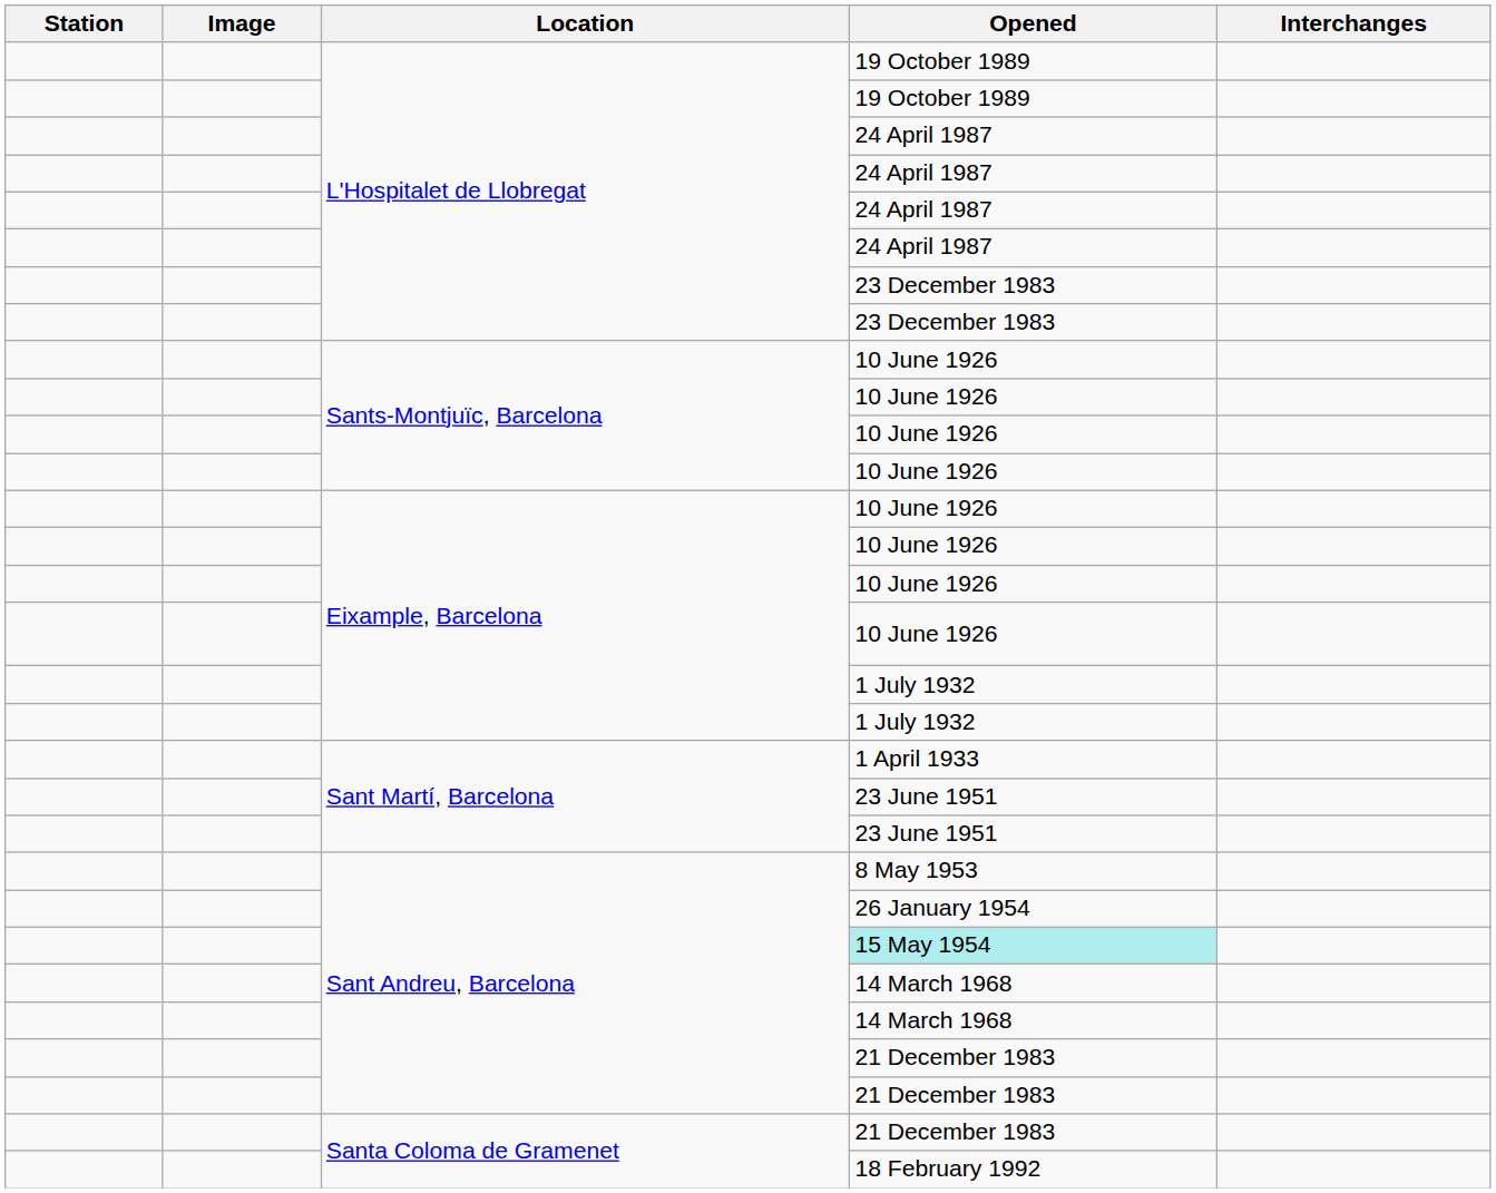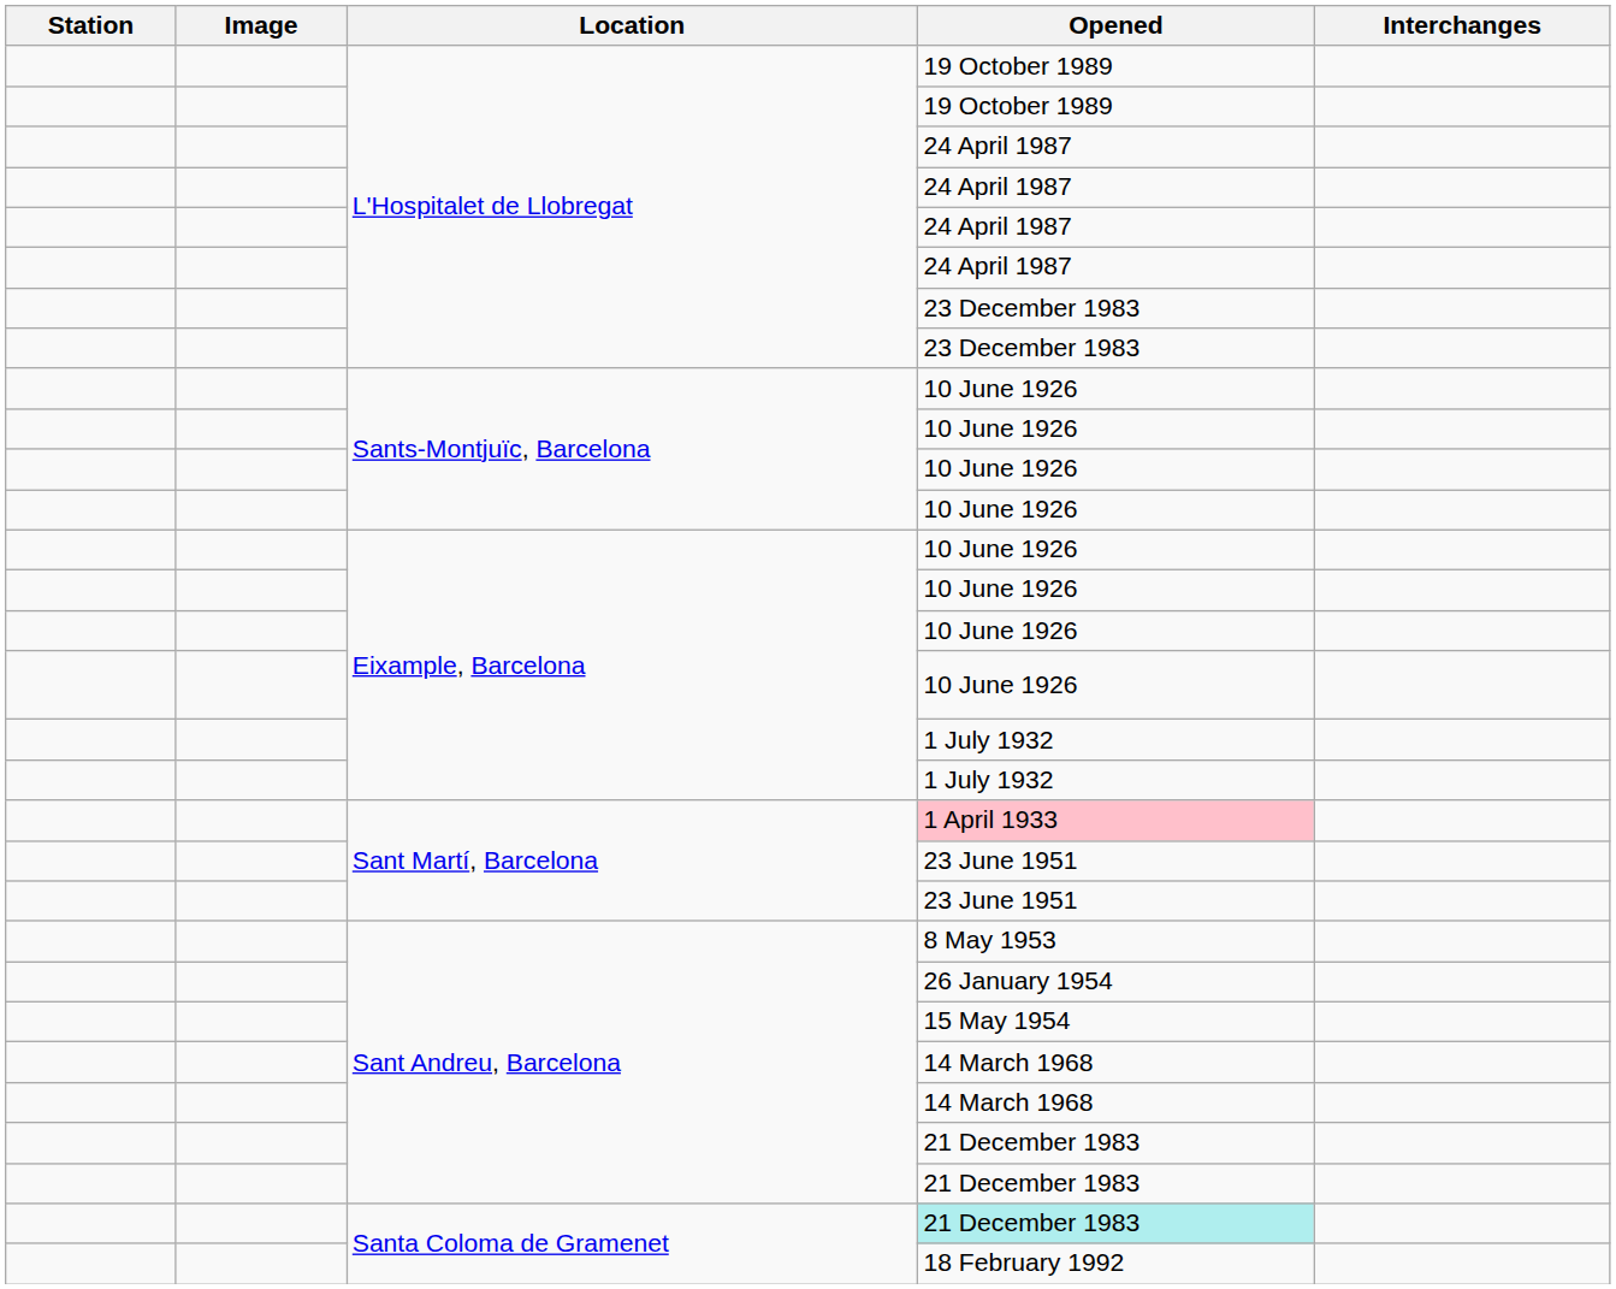 <table class="wikitable sortable" style="width:80%">
 <tr>
 <th>Station</th>
 <th style="width:100px" class="unsortable">Image</th>
 <th>Location</th>
 <th data-sort-type="date">Opened</th>
 <th class="unsortable">Interchanges</th>
 </tr>
 <tr>
 <td><strong></strong></td>
 <td></td>
 <td rowspan=8><a href='#'>L'Hospitalet de Llobregat</a></td>
 <td>19 October 1989</td>
 <td></td>
 </tr>
 <tr>
 <td><strong></strong></td>
 <td></td>
 <td>19 October 1989</td>
 <td></td>
 </tr>
 <tr>
 <td><strong></strong></td>
 <td></td>
 <td>24 April 1987</td>
 <td>   </td>
 </tr>
 <tr>
 <td><strong></strong></td>
 <td></td>
 <td>24 April 1987</td>
 <td>    </td>
 </tr>
 <tr>
 <td><strong></strong></td>
 <td></td>
 <td>24 April 1987</td>
 <td></td>
 </tr>
 <tr>
 <td><strong></strong></td>
 <td></td>
 <td>24 April 1987</td>
 <td></td>
 </tr>
 <tr>
 <td><strong></strong></td>
 <td></td>
 <td>23 December 1983</td>
 <td>   </td>
 </tr>
 <tr>
 <td><strong></strong></td>
 <td></td>
 <td>23 December 1983</td>
 <td></td>
 </tr>
 <tr>
 <td><strong></strong></td>
 <td></td>
 <td rowspan=4><a href='#'>Sants-Montjuïc</a>, <a href='#'>Barcelona</a></td>
 <td>10 June 1926</td>
 <td></td>
 </tr>
 <tr>
 <td><strong></strong></td>
 <td></td>
 <td>10 June 1926</td>
 <td>  </td>
 </tr>
 <tr>
 <td><strong></strong></td>
 <td></td>
 <td>10 June 1926</td>
 <td></td>
 </tr>
 <tr>
 <td><strong></strong></td>
 <td></td>
 <td>10 June 1926</td>
 <td>  <br>   </td>
 </tr>
 <tr>
 <td><strong></strong></td>
 <td></td>
 <td rowspan=6><a href='#'>Eixample</a>, <a href='#'>Barcelona</a></td>
 <td>10 June 1926</td>
 <td></td>
 </tr>
 <tr>
 <td><strong></strong></td>
 <td></td>
 <td>10 June 1926</td>
 <td></td>
 </tr>
 <tr>
 <td><strong></strong></td>
 <td></td>
 <td>10 June 1926</td>
 <td>  </td>
 </tr>
 <tr>
 <td><strong></strong></td>
 <td></td>
 <td>10 June 1926</td>
 <td>  <br>    <br>   </td>
 </tr>
 <tr>
 <td><strong></strong></td>
 <td></td>
 <td>1 July 1932</td>
 <td>  </td>
 </tr>
 <tr>
 <td><strong></strong></td>
 <td></td>
 <td>1 July 1932</td>
 <td>   </td>
 </tr>
 <tr>
 <td><strong></strong></td>
 <td></td>
 <td rowspan=3><a href='#'>Sant Martí</a>, <a href='#'>Barcelona</a></td>
-<td>1 April 1933</td>
+<td style="background: pink;">1 April 1933</td>
 <td>  </td>
 </tr>
 <tr>
 <td><strong></strong></td>
 <td></td>
 <td>23 June 1951</td>
 <td>   </td>
 </tr>
 <tr>
 <td><strong></strong></td>
 <td></td>
 <td>23 June 1951</td>
 <td>  <br>   </td>
 </tr>
 <tr>
 <td><strong></strong></td>
 <td></td>
 <td rowspan=7><a href='#'>Sant Andreu</a>, <a href='#'>Barcelona</a></td>
 <td>8 May 1953</td>
 <td></td>
 </tr>
 <tr>
 <td><strong></strong></td>
 <td></td>
 <td>26 January 1954</td>
 <td>   <br>  </td>
 </tr>
 <tr>
 <td><strong></strong></td>
 <td></td>
-<td style="background: paleturquoise;">15 May 1954</td>
+<td>15 May 1954</td>
 <td>   </td>
 </tr>
 <tr>
 <td><strong></strong></td>
 <td></td>
 <td>14 March 1968</td>
 <td>  </td>
 </tr>
 <tr>
 <td><strong></strong></td>
 <td></td>
 <td>14 March 1968</td>
 <td></td>
 </tr>
 <tr>
 <td><strong></strong></td>
 <td></td>
 <td>21 December 1983</td>
 <td></td>
 </tr>
 <tr>
 <td><strong></strong></td>
 <td></td>
 <td>21 December 1983</td>
 <td></td>
 </tr>
 <tr>
 <td><strong></strong></td>
 <td></td>
 <td rowspan=2><a href='#'>Santa Coloma de Gramenet</a></td>
-<td>21 December 1983</td>
+<td style="background: paleturquoise;">21 December 1983</td>
 <td></td>
 </tr>
 <tr>
 <td><strong></strong></td>
 <td></td>
 <td>18 February 1992</td>
 <td>  </td>
 </tr>
 </table>
